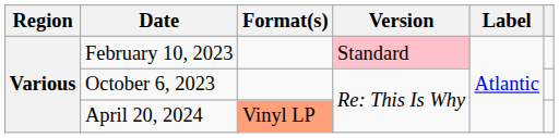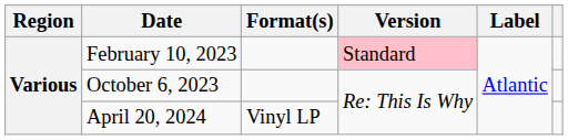 <table class="wikitable plainrowheaders">
 <tr>
 <th scope="col">Region</th>
 <th scope="col">Date</th>
 <th scope="col">Format(s)</th>
 <th>Version</th>
 <th scope="col">Label</th>
 <th scope="col"></th>
 </tr>
 <tr>
 <th rowspan="3" scope="row">Various</th>
 <td>February 10, 2023</td>
 <td></td>
 <td style="background: pink;">Standard</td>
 <td rowspan="3"><a href='#'>Atlantic</a></td>
 <td style="text-align:center"></td>
 </tr>
 <tr>
 <td>October 6, 2023</td>
 <td></td>
 <td rowspan="2"><em>Re: This Is Why</em></td>
 <td></td>
 </tr>
 <tr>
 <td>April 20, 2024</td>
-<td style="background: lightsalmon;">Vinyl LP</td>
+<td>Vinyl LP</td>
 <td></td>
 </tr>
 </table>
